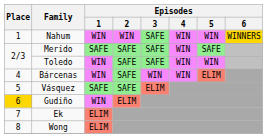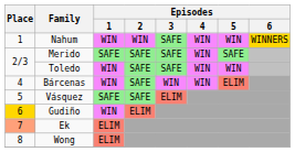 <table class="wikitable" style="text-align: center;">
 <tr>
 <th rowspan="2" style="width:30px">Place</th>
 <th rowspan="2" style="width:80px">Family</th>
 <th colspan="8">Episodes</th>
 </tr>
 <tr>
 <th style="width:40px">1</th>
 <th style="width:40px">2</th>
 <th style="width:40px">3</th>
 <th style="width:40px">4</th>
 <th style="width:40px">5</th>
 <th style="width:40px">6</th>
 </tr>
 <tr>
 <td>1</td>
 <td>Nahum</td>
 <td style="background:#F888FD;">WIN</td>
 <td style="background:#F888FD;">WIN</td>
 <td style="background:lightgreen;">SAFE</td>
 <td style="background:#F888FD;">WIN</td>
 <td style="background:#F888FD;">WIN</td>
 <td style="background:gold;">WINNERS</td>
 </tr>
 <tr>
 <td rowspan="2">2/3</td>
 <td>Merido</td>
 <td style="background:lightgreen;">SAFE</td>
 <td style="background:lightgreen;">SAFE</td>
 <td style="background:lightgreen;">SAFE</td>
 <td style="background:#F888FD;">WIN</td>
 <td style="background:lightgreen;">SAFE</td>
 <td style="background:silver;"></td>
 </tr>
 <tr>
 <td>Toledo</td>
 <td style="background:#F888FD;">WIN</td>
 <td style="background:lightgreen;">SAFE</td>
 <td style="background:lightgreen;">SAFE</td>
 <td style="background:#F888FD;">WIN</td>
 <td style="background:#F888FD;">WIN</td>
 <td style="background:silver;"></td>
 </tr>
 <tr>
 <td>4</td>
 <td>Bárcenas</td>
 <td style="background:#F888FD;">WIN</td>
 <td style="background:lightgreen;">SAFE</td>
 <td style="background:#F888FD;">WIN</td>
 <td style="background:#F888FD;">WIN</td>
 <td style="background:salmon;">ELIM</td>
 <td style="background:darkgrey;" colspan="2"></td>
 </tr>
 <tr>
 <td>5</td>
 <td>Vásquez</td>
 <td style="background: lightgreen;">SAFE</td>
 <td style="background:lightgreen;">SAFE</td>
 <td style="background:salmon;">ELIM</td>
 <td style="background:darkgrey;" colspan="3"></td>
 </tr>
 <tr>
 <td style="background: gold;">6</td>
 <td>Gudiño</td>
 <td style="background:#F888FD;">WIN</td>
 <td style="background:salmon;">ELIM</td>
 <td style="background:darkgrey;" colspan="4"></td>
 </tr>
 <tr>
-<td>7</td>
+<td style="background: lightsalmon;">7</td>
 <td>Ek</td>
 <td style="background:salmon;">ELIM</td>
 <td style="background:darkgrey;" colspan="5"></td>
 </tr>
 <tr>
 <td>8</td>
 <td>Wong</td>
 <td style="background:salmon;">ELIM</td>
 <td style="background:darkgrey;" colspan="5"></td>
 </tr>
 <tr>
 </tr>
 </table>
